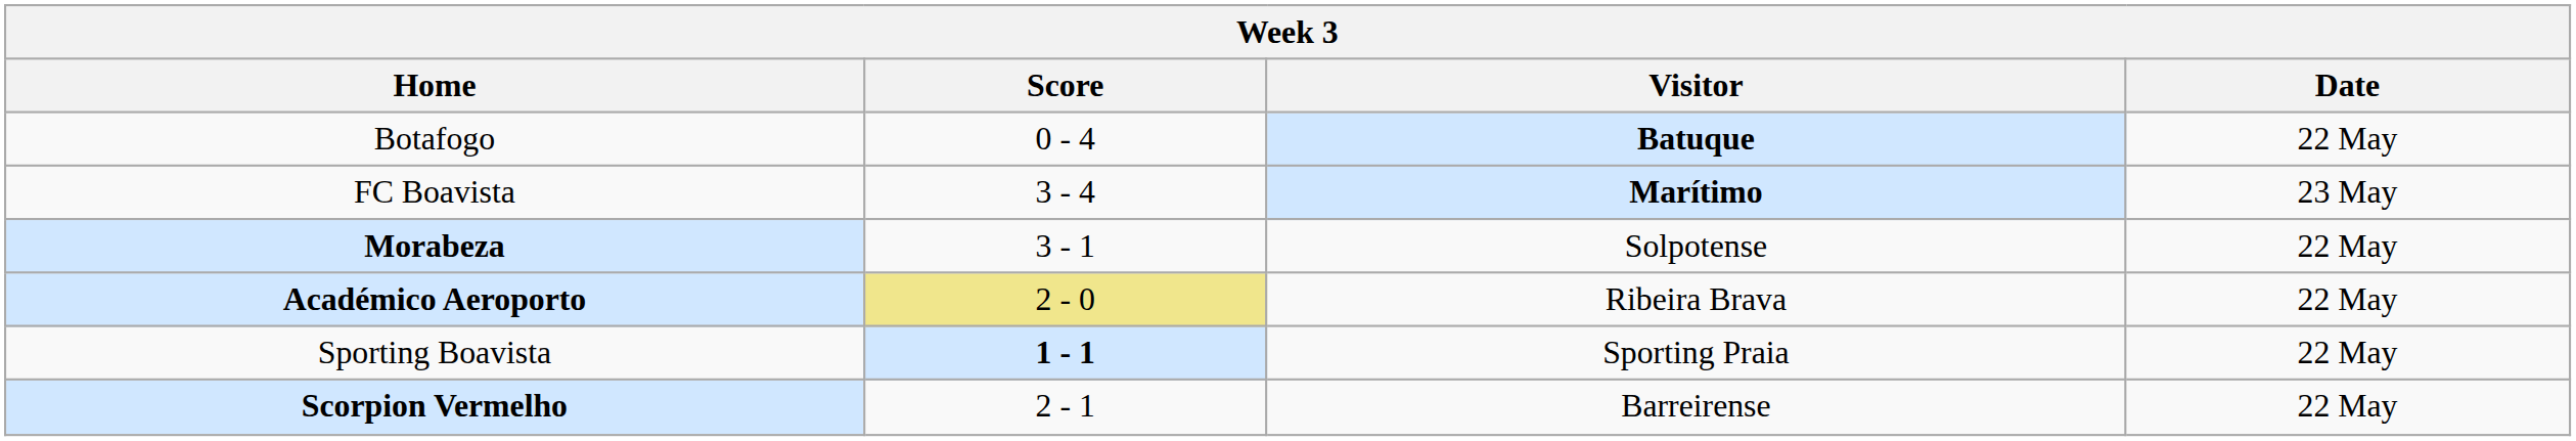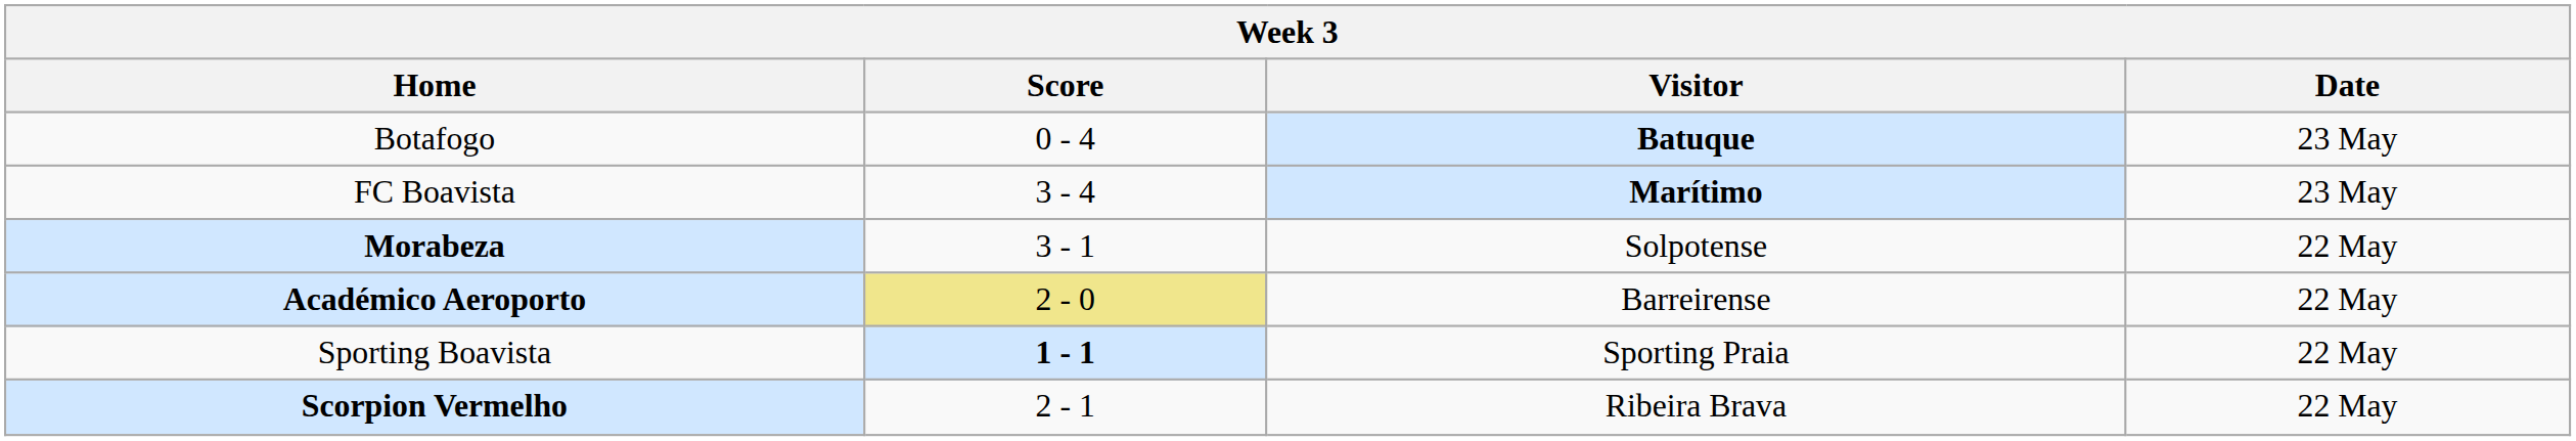 <table class="wikitable" style="font-size:95%; text-align: center; width: 95%;">
 <tr>
 <th colspan="12" style="with: 100%;" align=center>Week 3</th>
 </tr>
 <tr>
 <th width="200">Home</th>
 <th width="90">Score</th>
 <th width="200">Visitor</th>
 <th width="100">Date</th>
 </tr>
 <tr align=center>
 <td>Botafogo</td>
 <td>0 - 4</td>
 <td bgcolor=#D0E7FF><strong>Batuque</strong></td>
-<td>22 May</td>
+<td>23 May</td>
 </tr>
 <tr align=center>
 <td>FC Boavista</td>
 <td>3 - 4</td>
 <td bgcolor=#D0E7FF><strong>Marítimo</strong></td>
 <td>23 May</td>
 </tr>
 <tr align=center>
 <td bgcolor=#D0E7FF><strong>Morabeza</strong></td>
 <td>3 - 1</td>
 <td>Solpotense</td>
 <td>22 May</td>
 </tr>
 <tr align=center>
 <td bgcolor=#D0E7FF><strong>Académico Aeroporto</strong></td>
 <td style="background: khaki;">2 - 0</td>
-<td>Ribeira Brava</td>
+<td>Barreirense</td>
 <td>22 May</td>
 </tr>
 <tr align=center>
 <td>Sporting Boavista</td>
 <td bgcolor=#D0E7FF><strong>1 - 1</strong></td>
 <td>Sporting Praia</td>
 <td>22 May</td>
 </tr>
 <tr align=center>
 <td bgcolor=#D0E7FF><strong>Scorpion Vermelho</strong></td>
 <td>2 - 1</td>
-<td>Barreirense</td>
+<td>Ribeira Brava</td>
 <td>22 May</td>
 </tr>
 </table>
